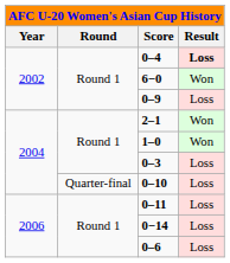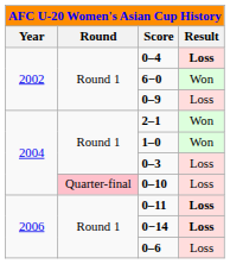 <table class="wikitable collapsible" style="text-align: center;font-size:85%;">
 <tr>
 <th colspan=4 style="background: #FF8C00; color: #0000FF;">AFC U-20 Women's Asian Cup History</th>
 </tr>
 <tr>
 <th width="50">Year</th>
 <th>Round</th>
 <th>Score</th>
 <th>Result</th>
 </tr>
 <tr>
 <td rowspan=3><a href='#'>2002</a></td>
 <td rowspan=3>Round 1</td>
 <td align="left"> <strong>0–4</strong> </td>
 <td style="background:#fdd;"><strong>Loss</strong></td>
 </tr>
 <tr>
 <td align="left"> <strong>6−0</strong> </td>
 <td style="background:#dfd;">Won</td>
 </tr>
 <tr>
 <td align="left"> <strong>0–9</strong> </td>
 <td style="background:#fdd;">Loss</td>
 </tr>
 <tr>
 <td rowspan=4><a href='#'>2004</a></td>
 <td rowspan=3>Round 1</td>
 <td align="left"> <strong>2–1</strong> </td>
 <td style="background:#dfd;">Won</td>
 </tr>
 <tr>
 <td align="left"> <strong>1–0</strong> </td>
 <td style="background:#dfd;">Won</td>
 </tr>
 <tr>
 <td align="left"> <strong>0–3</strong> </td>
 <td style="background:#fdd;">Loss</td>
 </tr>
 <tr>
-<td>Quarter-final</td>
+<td style="background: pink;">Quarter-final</td>
 <td align="left"> <strong>0–10</strong> </td>
 <td style="background:#fdd;">Loss</td>
 </tr>
 <tr>
 <td rowspan=3><a href='#'>2006</a></td>
 <td rowspan=3>Round 1</td>
 <td align="left"> <strong>0–11</strong> </td>
-<td style="background:#fdd;">Loss</td>
+<td style="background:#fdd;"><strong>Loss</strong></td>
 </tr>
 <tr>
 <td align="left"> <strong>0−14</strong> </td>
-<td style="background:#fdd;">Loss</td>
+<td style="background:#fdd;"><strong>Loss</strong></td>
 </tr>
 <tr>
 <td align="left"> <strong>0–6</strong> </td>
 <td style="background:#fdd;">Loss</td>
 </tr>
 </table>
